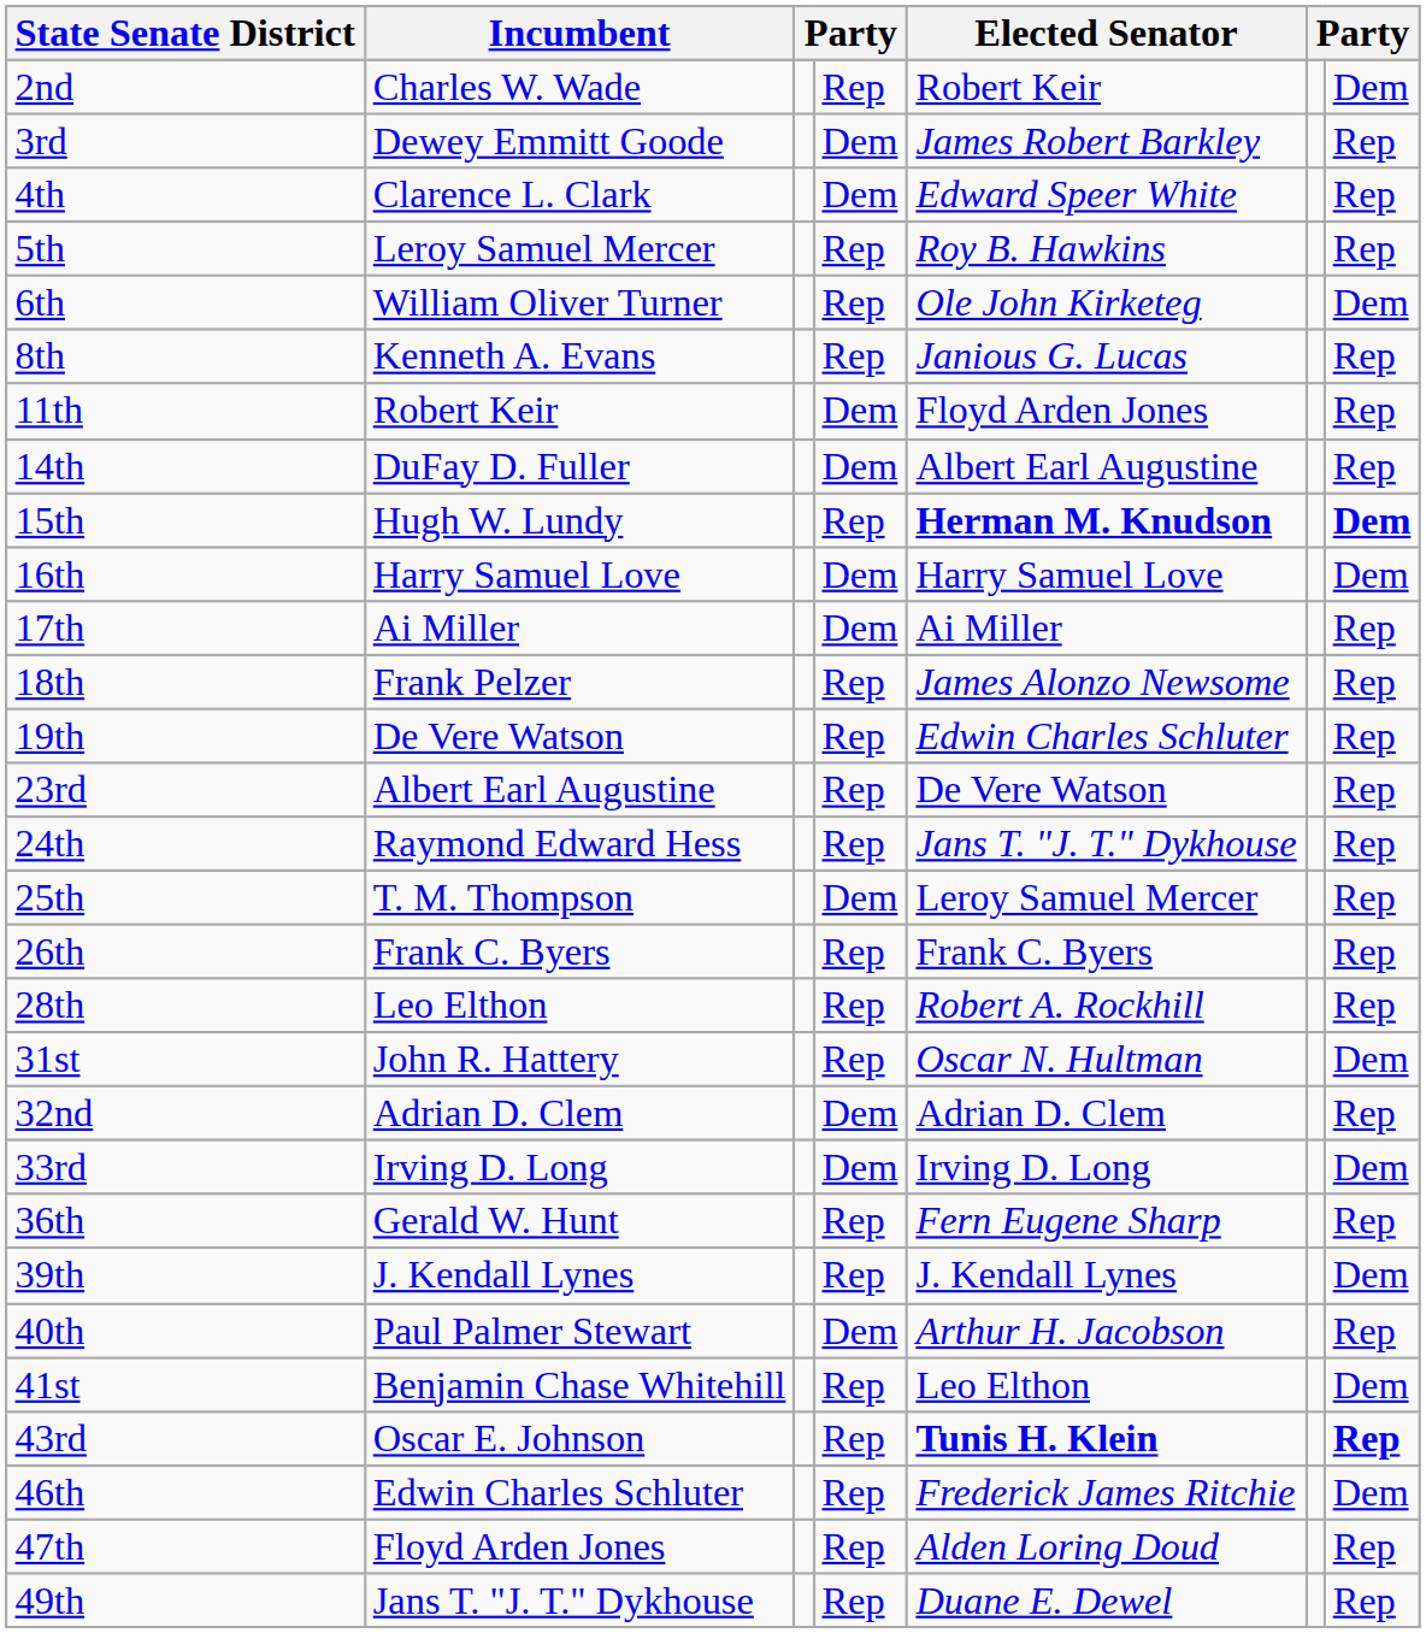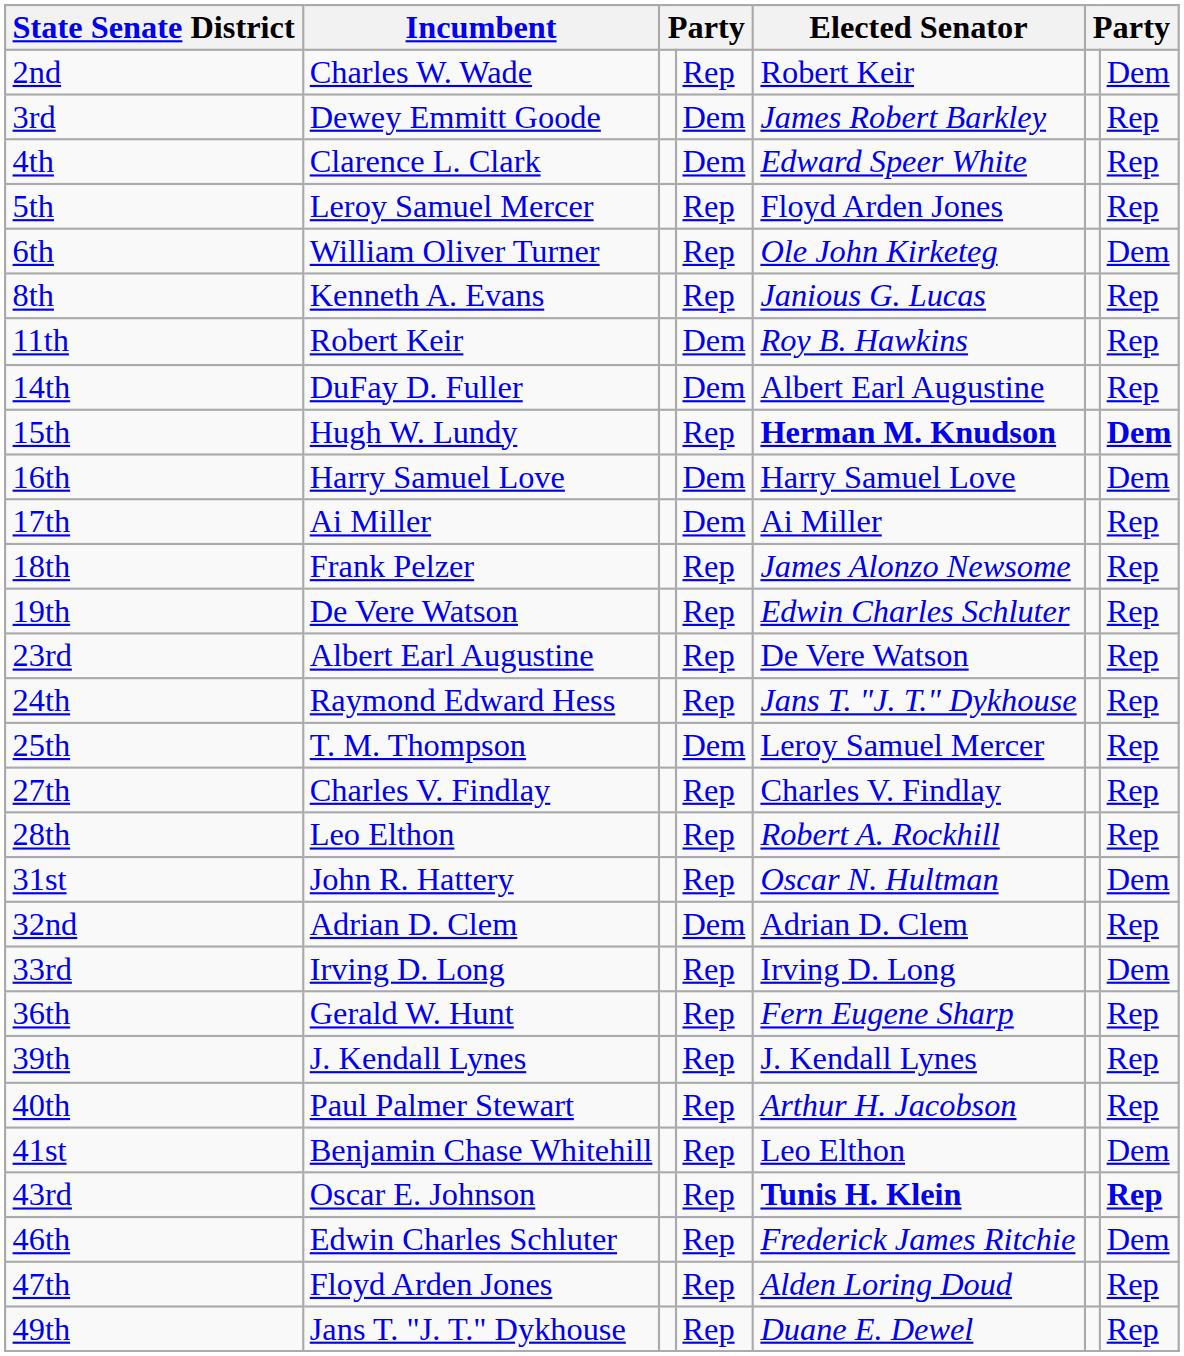 <table class="sortable wikitable" style="font-size:95%;line-height:14px;">
 <tr>
 <th class="unsortable"><a href='#'>State Senate</a> District</th>
 <th class="unsortable"><a href='#'>Incumbent</a></th>
 <th colspan="2">Party</th>
 <th class="unsortable">Elected Senator</th>
 <th colspan="2">Party</th>
 </tr>
 <tr>
 <td><a href='#'>2nd</a></td>
 <td><a href='#'>Charles W. Wade</a></td>
 <td style="background:"></td>
 <td><a href='#'>Rep</a></td>
 <td><a href='#'>Robert Keir</a></td>
 <td style="background:"></td>
 <td><a href='#'>Dem</a></td>
 </tr>
 <tr>
 <td><a href='#'>3rd</a></td>
 <td><a href='#'>Dewey Emmitt Goode</a></td>
 <td style="background:"></td>
 <td><a href='#'>Dem</a></td>
 <td><em><a href='#'>James Robert Barkley</a></em></td>
 <td style="background:"></td>
 <td><a href='#'>Rep</a></td>
 </tr>
 <tr>
 <td><a href='#'>4th</a></td>
 <td><a href='#'>Clarence L. Clark</a></td>
 <td style="background:"></td>
 <td><a href='#'>Dem</a></td>
 <td><em><a href='#'>Edward Speer White</a></em></td>
 <td style="background:"></td>
 <td><a href='#'>Rep</a></td>
 </tr>
 <tr>
 <td><a href='#'>5th</a></td>
 <td><a href='#'>Leroy Samuel Mercer</a></td>
 <td style="background:"></td>
 <td><a href='#'>Rep</a></td>
-<td><em><a href='#'>Roy B. Hawkins</a></em></td>
+<td><a href='#'>Floyd Arden Jones</a></td>
 <td style="background:"></td>
 <td><a href='#'>Rep</a></td>
 </tr>
 <tr>
 <td><a href='#'>6th</a></td>
 <td><a href='#'>William Oliver Turner</a></td>
 <td style="background:"></td>
 <td><a href='#'>Rep</a></td>
 <td><em><a href='#'>Ole John Kirketeg</a></em></td>
 <td style="background:"></td>
 <td><a href='#'>Dem</a></td>
 </tr>
 <tr>
 <td><a href='#'>8th</a></td>
 <td><a href='#'>Kenneth A. Evans</a></td>
 <td style="background:"></td>
 <td><a href='#'>Rep</a></td>
 <td><em><a href='#'>Janious G. Lucas</a></em></td>
 <td style="background:"></td>
 <td><a href='#'>Rep</a></td>
 </tr>
 <tr>
 <td><a href='#'>11th</a></td>
 <td><a href='#'>Robert Keir</a></td>
 <td style="background:"></td>
 <td><a href='#'>Dem</a></td>
-<td><a href='#'>Floyd Arden Jones</a></td>
+<td><em><a href='#'>Roy B. Hawkins</a></em></td>
 <td style="background:"></td>
 <td><a href='#'>Rep</a></td>
 </tr>
 <tr>
 <td><a href='#'>14th</a></td>
 <td><a href='#'>DuFay D. Fuller</a></td>
 <td style="background:"></td>
 <td><a href='#'>Dem</a></td>
 <td><a href='#'>Albert Earl Augustine</a></td>
 <td style="background:"></td>
 <td><a href='#'>Rep</a></td>
 </tr>
 <tr>
 <td><a href='#'>15th</a></td>
 <td><a href='#'>Hugh W. Lundy</a></td>
 <td style="background:"></td>
 <td><a href='#'>Rep</a></td>
 <td><strong><a href='#'>Herman M. Knudson</a></strong></td>
 <td style="background:"></td>
 <td><strong><a href='#'>Dem</a></strong></td>
 </tr>
 <tr>
 <td><a href='#'>16th</a></td>
 <td><a href='#'>Harry Samuel Love</a></td>
 <td style="background:"></td>
 <td><a href='#'>Dem</a></td>
 <td><a href='#'>Harry Samuel Love</a></td>
 <td style="background:"></td>
 <td><a href='#'>Dem</a></td>
 </tr>
 <tr>
 <td><a href='#'>17th</a></td>
 <td><a href='#'>Ai Miller</a></td>
 <td style="background:"></td>
 <td><a href='#'>Dem</a></td>
 <td><a href='#'>Ai Miller</a></td>
 <td style="background:"></td>
 <td><a href='#'>Rep</a></td>
 </tr>
 <tr>
 <td><a href='#'>18th</a></td>
 <td><a href='#'>Frank Pelzer</a></td>
 <td style="background:"></td>
 <td><a href='#'>Rep</a></td>
 <td><em><a href='#'>James Alonzo Newsome</a></em></td>
 <td style="background:"></td>
 <td><a href='#'>Rep</a></td>
 </tr>
 <tr>
 <td><a href='#'>19th</a></td>
 <td><a href='#'>De Vere Watson</a></td>
 <td style="background:"></td>
 <td><a href='#'>Rep</a></td>
 <td><em><a href='#'>Edwin Charles Schluter</a></em></td>
 <td style="background:"></td>
 <td><a href='#'>Rep</a></td>
 </tr>
 <tr>
 <td><a href='#'>23rd</a></td>
 <td><a href='#'>Albert Earl Augustine</a></td>
 <td style="background:"></td>
 <td><a href='#'>Rep</a></td>
 <td><a href='#'>De Vere Watson</a></td>
 <td style="background:"></td>
 <td><a href='#'>Rep</a></td>
 </tr>
 <tr>
 <td><a href='#'>24th</a></td>
 <td><a href='#'>Raymond Edward Hess</a></td>
 <td style="background:"></td>
 <td><a href='#'>Rep</a></td>
 <td><em><a href='#'>Jans T. "J. T." Dykhouse</a></em></td>
 <td style="background:"></td>
 <td><a href='#'>Rep</a></td>
 </tr>
 <tr>
 <td><a href='#'>25th</a></td>
 <td><a href='#'>T. M. Thompson</a></td>
 <td style="background:"></td>
 <td><a href='#'>Dem</a></td>
 <td><a href='#'>Leroy Samuel Mercer</a></td>
 <td style="background:"></td>
 <td><a href='#'>Rep</a></td>
 </tr>
 <tr>
-<td><a href='#'>26th</a></td>
-<td><a href='#'>Frank C. Byers</a></td>
+<td><a href='#'>27th</a></td>
+<td><a href='#'>Charles V. Findlay</a></td>
 <td style="background:"></td>
 <td><a href='#'>Rep</a></td>
-<td><a href='#'>Frank C. Byers</a></td>
+<td><a href='#'>Charles V. Findlay</a></td>
 <td style="background:"></td>
 <td><a href='#'>Rep</a></td>
 </tr>
 <tr>
 <td><a href='#'>28th</a></td>
 <td><a href='#'>Leo Elthon</a></td>
 <td style="background:"></td>
 <td><a href='#'>Rep</a></td>
 <td><em><a href='#'>Robert A. Rockhill</a></em></td>
 <td style="background:"></td>
 <td><a href='#'>Rep</a></td>
 </tr>
 <tr>
 <td><a href='#'>31st</a></td>
 <td><a href='#'>John R. Hattery</a></td>
 <td style="background:"></td>
 <td><a href='#'>Rep</a></td>
 <td><em><a href='#'>Oscar N. Hultman</a></em></td>
 <td style="background:"></td>
 <td><a href='#'>Dem</a></td>
 </tr>
 <tr>
 <td><a href='#'>32nd</a></td>
 <td><a href='#'>Adrian D. Clem</a></td>
 <td style="background:"></td>
 <td><a href='#'>Dem</a></td>
 <td><a href='#'>Adrian D. Clem</a></td>
 <td style="background:"></td>
 <td><a href='#'>Rep</a></td>
 </tr>
 <tr>
 <td><a href='#'>33rd</a></td>
 <td><a href='#'>Irving D. Long</a></td>
 <td style="background:"></td>
-<td><a href='#'>Dem</a></td>
+<td><a href='#'>Rep</a></td>
 <td><a href='#'>Irving D. Long</a></td>
 <td style="background:"></td>
 <td><a href='#'>Dem</a></td>
 </tr>
 <tr>
 <td><a href='#'>36th</a></td>
 <td><a href='#'>Gerald W. Hunt</a></td>
 <td style="background:"></td>
 <td><a href='#'>Rep</a></td>
 <td><em><a href='#'>Fern Eugene Sharp</a></em></td>
 <td style="background:"></td>
 <td><a href='#'>Rep</a></td>
 </tr>
 <tr>
 <td><a href='#'>39th</a></td>
 <td><a href='#'>J. Kendall Lynes</a></td>
 <td style="background:"></td>
 <td><a href='#'>Rep</a></td>
 <td><a href='#'>J. Kendall Lynes</a></td>
 <td style="background:"></td>
-<td><a href='#'>Dem</a></td>
+<td><a href='#'>Rep</a></td>
 </tr>
 <tr>
 <td><a href='#'>40th</a></td>
 <td><a href='#'>Paul Palmer Stewart</a></td>
 <td style="background:"></td>
-<td><a href='#'>Dem</a></td>
+<td><a href='#'>Rep</a></td>
 <td><em><a href='#'>Arthur H. Jacobson</a></em></td>
 <td style="background:"></td>
 <td><a href='#'>Rep</a></td>
 </tr>
 <tr>
 <td><a href='#'>41st</a></td>
 <td><a href='#'>Benjamin Chase Whitehill</a></td>
 <td style="background:"></td>
 <td><a href='#'>Rep</a></td>
 <td><a href='#'>Leo Elthon</a></td>
 <td style="background:"></td>
 <td><a href='#'>Dem</a></td>
 </tr>
 <tr>
 <td><a href='#'>43rd</a></td>
 <td><a href='#'>Oscar E. Johnson</a></td>
 <td style="background:"></td>
 <td><a href='#'>Rep</a></td>
 <td><strong><a href='#'>Tunis H. Klein</a></strong></td>
 <td style="background:"></td>
 <td><strong><a href='#'>Rep</a></strong></td>
 </tr>
 <tr>
 <td><a href='#'>46th</a></td>
 <td><a href='#'>Edwin Charles Schluter</a></td>
 <td style="background:"></td>
 <td><a href='#'>Rep</a></td>
 <td><em><a href='#'>Frederick James Ritchie</a></em></td>
 <td style="background:"></td>
 <td><a href='#'>Dem</a></td>
 </tr>
 <tr>
 <td><a href='#'>47th</a></td>
 <td><a href='#'>Floyd Arden Jones</a></td>
 <td style="background:"></td>
 <td><a href='#'>Rep</a></td>
 <td><em><a href='#'>Alden Loring Doud</a></em></td>
 <td style="background:"></td>
 <td><a href='#'>Rep</a></td>
 </tr>
 <tr>
 <td><a href='#'>49th</a></td>
 <td><a href='#'>Jans T. "J. T." Dykhouse</a></td>
 <td style="background:"></td>
 <td><a href='#'>Rep</a></td>
 <td><em><a href='#'>Duane E. Dewel</a></em></td>
 <td style="background:"></td>
 <td><a href='#'>Rep</a></td>
 </tr>
 <tr>
 </tr>
 </table>
